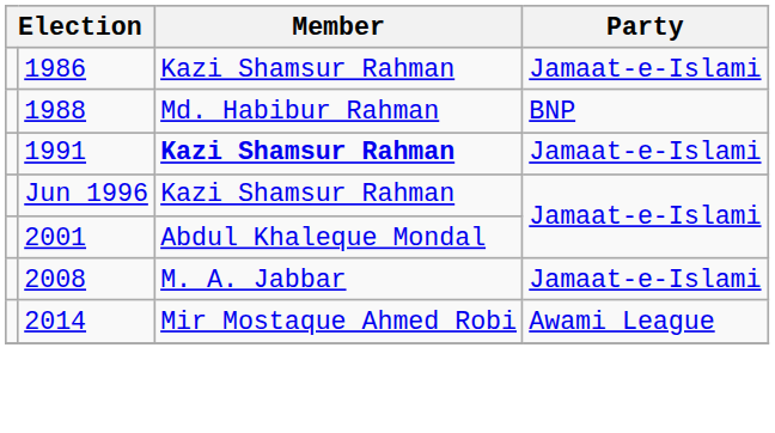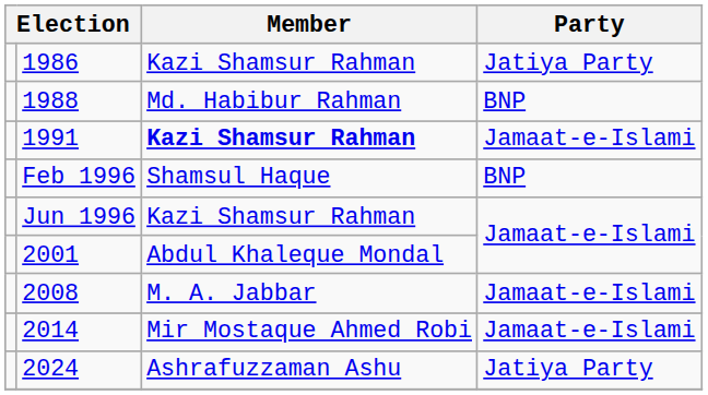 <table class="wikitable">
 <tr>
 <th colspan="2">Election</th>
 <th>Member</th>
 <th>Party</th>
 </tr>
 <tr>
 <td style="background-color:"></td>
 <td><a href='#'>1986</a></td>
 <td><a href='#'>Kazi Shamsur Rahman</a></td>
-<td><a href='#'>Jamaat-e-Islami</a></td>
+<td><a href='#'>Jatiya Party</a></td>
 </tr>
 <tr>
 <td style="background-color:"></td>
 <td><a href='#'>1988</a></td>
 <td><a href='#'>Md. Habibur Rahman</a></td>
 <td><a href='#'>BNP</a></td>
 </tr>
 <tr>
 <td style="background-color:"></td>
 <td><a href='#'>1991</a></td>
 <td><strong><a href='#'>Kazi Shamsur Rahman</a></strong></td>
 <td><a href='#'>Jamaat-e-Islami</a></td>
+</tr>
+<tr>
+<td style="background-color:"></td>
+<td><a href='#'>Feb 1996</a></td>
+<td><a href='#'>Shamsul Haque</a></td>
+<td><a href='#'>BNP</a></td>
 </tr>
 <tr>
 <td style="background-color:"></td>
 <td><a href='#'>Jun 1996</a></td>
 <td><a href='#'>Kazi Shamsur Rahman</a></td>
 <td rowspan="2"><a href='#'>Jamaat-e-Islami</a></td>
 </tr>
 <tr>
 <td style="background-color:"></td>
 <td><a href='#'>2001</a></td>
 <td><a href='#'>Abdul Khaleque Mondal</a></td>
 </tr>
 <tr>
 <td style="background-color:"></td>
 <td><a href='#'>2008</a></td>
 <td><a href='#'>M. A. Jabbar</a></td>
 <td><a href='#'>Jamaat-e-Islami</a></td>
 </tr>
 <tr>
 <td style="background-color:"></td>
 <td><a href='#'>2014</a></td>
 <td><a href='#'>Mir Mostaque Ahmed Robi</a></td>
-<td><a href='#'>Awami League</a></td>
+<td><a href='#'>Jamaat-e-Islami</a></td>
+</tr>
+<tr>
+<td style="background-color:"></td>
+<td><a href='#'>2024</a></td>
+<td><a href='#'>Ashrafuzzaman Ashu</a></td>
+<td><a href='#'>Jatiya Party</a></td>
 </tr>
 <tr>
 </tr>
 </table>
